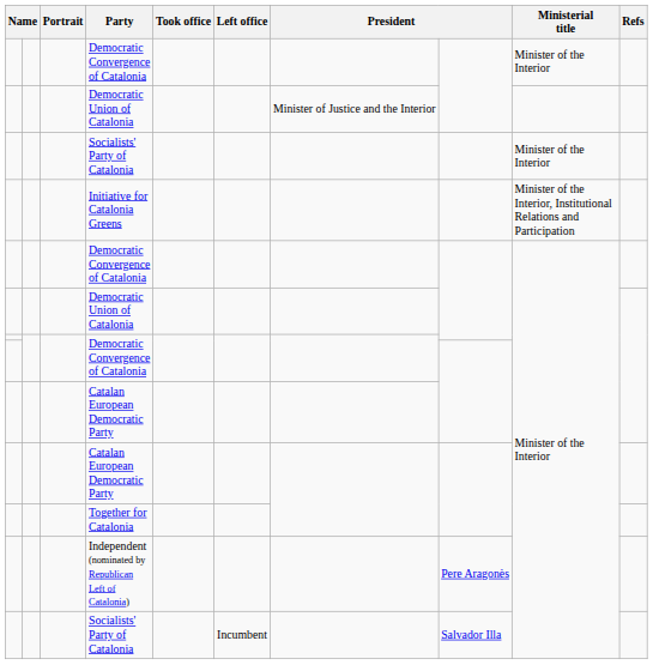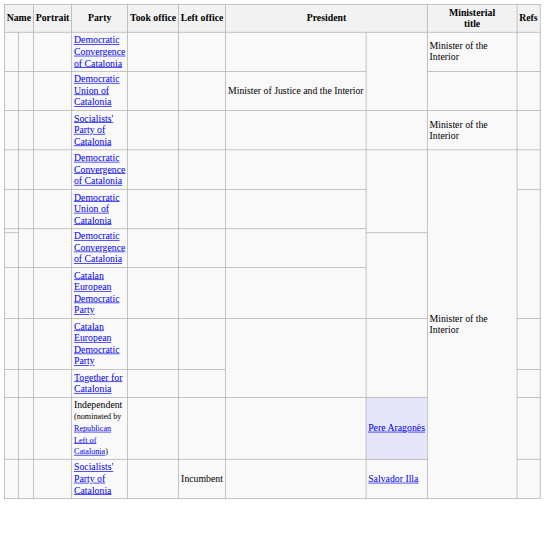 <table class="wikitable plainrowheaders sortable" style="font-size:90%; text-align:left;">
 <tr>
 <th scope=col colspan="2">Name</th>
 <th scope=col class=unsortable>Portrait</th>
 <th scope=col width=50px>Party</th>
 <th scope=col>Took office</th>
 <th scope=col>Left office</th>
 <th scope=col colspan="2">President</th>
 <th width=125px>Ministerial<br>title</th>
 <th scope=col width=25px class=unsortable>Refs</th>
 </tr>
 <tr>
 <td !align="center" style="background:"></td>
 <td></td>
 <td align=center></td>
 <td><a href='#'>Democratic Convergence of Catalonia</a></td>
 <td align=center></td>
 <td align=center></td>
 <td !align="center" style="background:"></td>
 <td rowspan=2></td>
 <td>Minister of the Interior</td>
 <td align=center></td>
 </tr>
 <tr>
 <td !align="center" style="background:"></td>
 <td></td>
 <td align=center></td>
 <td><a href='#'>Democratic Union of Catalonia</a></td>
 <td align=center></td>
 <td align=center></td>
 <td>Minister of Justice and the Interior</td>
 <td align=center></td>
 </tr>
 <tr>
 <td !align="center" style="background:"></td>
 <td></td>
 <td align=center></td>
 <td><a href='#'>Socialists' Party of Catalonia</a></td>
 <td align=center></td>
 <td align=center></td>
 <td !align="center" style="background:"></td>
 <td></td>
 <td>Minister of the Interior</td>
-<td align=center></td>
-</tr>
-<tr>
-<td !align="center" style="background:"></td>
-<td></td>
-<td align=center></td>
-<td><a href='#'>Initiative for Catalonia Greens</a></td>
-<td align=center></td>
-<td align=center></td>
-<td !align="center" style="background:"></td>
-<td></td>
-<td>Minister of the Interior, Institutional Relations and Participation</td>
 <td align=center></td>
 </tr>
 <tr>
 <td !align="center" style="background:"></td>
 <td></td>
 <td align=center></td>
 <td><a href='#'>Democratic Convergence of Catalonia</a></td>
 <td align=center></td>
 <td align=center></td>
 <td !align="center" style="background:"></td>
 <td rowspan=3></td>
 <td rowspan="9">Minister of the Interior</td>
 <td align=center></td>
 </tr>
 <tr>
 <td !align="center" style="background:"></td>
 <td></td>
 <td align=center></td>
 <td><a href='#'>Democratic Union of Catalonia</a></td>
 <td align=center></td>
 <td align=center></td>
 <td align=center></td>
 </tr>
 <tr>
 <td !align="center" style="background:"></td>
 <td rowspan=2></td>
 <td align=center rowspan=2></td>
 <td rowspan=2><a href='#'>Democratic Convergence of Catalonia</a></td>
 <td align=center rowspan=2></td>
 <td align=center rowspan=2></td>
 <td align=center rowspan=2></td>
 </tr>
 <tr>
 <td !align="center" style="background:"></td>
 <td rowspan=2></td>
 </tr>
 <tr>
 <td !align="center" style="background:"></td>
 <td></td>
 <td align=center></td>
 <td><a href='#'>Catalan European Democratic Party</a></td>
 <td align=center></td>
 <td align=center></td>
 <td align=center></td>
 </tr>
 <tr>
 <td !align="center" style="background:"></td>
 <td></td>
 <td align=center></td>
 <td><a href='#'>Catalan European Democratic Party</a></td>
 <td align=center></td>
 <td align=center></td>
 <td rowspan="2" style="background:"></td>
 <td rowspan="2"></td>
 <td align=center></td>
 </tr>
 <tr>
 <td !align="center" style="background:"></td>
 <td></td>
 <td align=center></td>
 <td><a href='#'>Together for Catalonia</a></td>
 <td align="center"></td>
 <td align="center"></td>
 <td align="center"></td>
 </tr>
 <tr>
 <td !align="center" style="background:"></td>
 <td></td>
 <td align=center></td>
 <td>Independent <small>(nominated by <a href='#'>Republican Left of Catalonia</a>)</small></td>
 <td align="center"></td>
 <td align="center"></td>
 <td style="background:"></td>
-<td><a href='#'>Pere Aragonès</a></td>
+<td style="background: lavender;"><a href='#'>Pere Aragonès</a></td>
 <td></td>
 </tr>
 <tr>
 <td style="background:"></td>
 <td></td>
 <td align=center></td>
 <td><a href='#'>Socialists' Party of Catalonia</a></td>
 <td align=center></td>
 <td align=center>Incumbent</td>
 <td style="background:"></td>
 <td><a href='#'>Salvador Illa</a></td>
 <td></td>
 </tr>
 </table>
